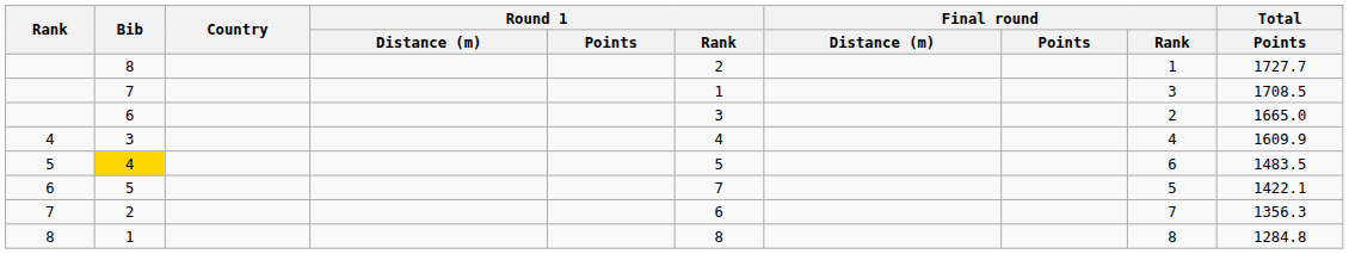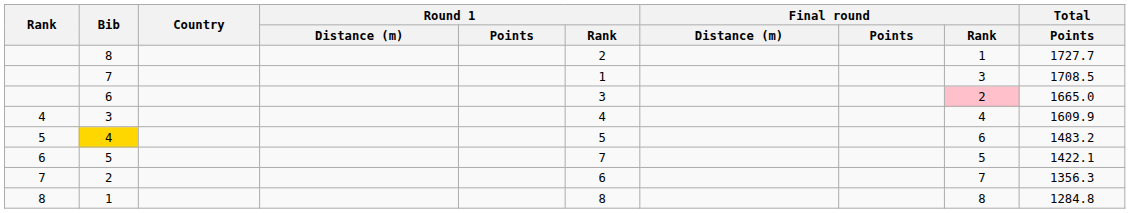 <table class="wikitable sortable" style="text-align:center;font-size:97%" width=73%>
 <tr>
 <th rowspan=2>Rank</th>
 <th rowspan=2>Bib</th>
 <th rowspan=2>Country</th>
 <th colspan=3>Round 1</th>
 <th colspan=3>Final round</th>
 <th>Total</th>
 </tr>
 <tr>
 <th>Distance (m)</th>
 <th>Points</th>
 <th>Rank</th>
 <th>Distance (m)</th>
 <th>Points</th>
 <th>Rank</th>
 <th>Points</th>
 </tr>
 <tr>
 <td></td>
 <td>8</td>
 <td align=left><br></td>
 <td></td>
 <td></td>
 <td>2</td>
 <td></td>
 <td></td>
 <td>1</td>
 <td>1727.7</td>
 </tr>
 <tr>
 <td></td>
 <td>7</td>
 <td align=left><br></td>
 <td></td>
 <td></td>
 <td>1</td>
 <td></td>
 <td></td>
 <td>3</td>
 <td>1708.5</td>
 </tr>
 <tr>
 <td></td>
 <td>6</td>
 <td align=left><br></td>
 <td></td>
 <td></td>
 <td>3</td>
 <td></td>
 <td></td>
-<td>2</td>
+<td style="background: pink;">2</td>
 <td>1665.0</td>
 </tr>
 <tr>
 <td>4</td>
 <td>3</td>
 <td align=left><br></td>
 <td></td>
 <td></td>
 <td>4</td>
 <td></td>
 <td></td>
 <td>4</td>
 <td>1609.9</td>
 </tr>
 <tr>
 <td>5</td>
 <td style="background: gold;">4</td>
 <td align=left><br></td>
 <td></td>
 <td></td>
 <td>5</td>
 <td></td>
 <td></td>
 <td>6</td>
-<td>1483.5</td>
+<td>1483.2</td>
 </tr>
 <tr>
 <td>6</td>
 <td>5</td>
 <td align=left><br></td>
 <td></td>
 <td></td>
 <td>7</td>
 <td></td>
 <td></td>
 <td>5</td>
 <td>1422.1</td>
 </tr>
 <tr>
 <td>7</td>
 <td>2</td>
 <td align=left><br></td>
 <td></td>
 <td></td>
 <td>6</td>
 <td></td>
 <td></td>
 <td>7</td>
 <td>1356.3</td>
 </tr>
 <tr>
 <td>8</td>
 <td>1</td>
 <td align=left><br></td>
 <td></td>
 <td></td>
 <td>8</td>
 <td></td>
 <td></td>
 <td>8</td>
 <td>1284.8</td>
 </tr>
 </table>
